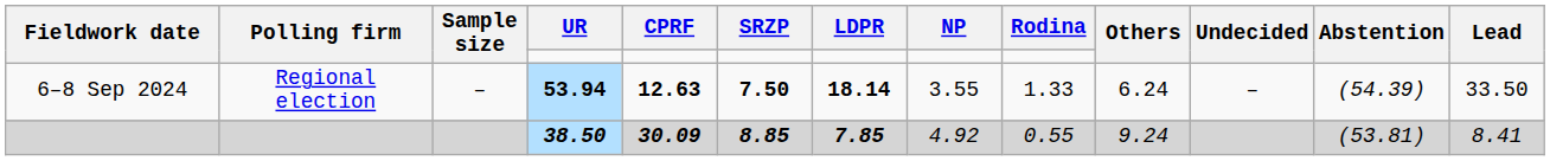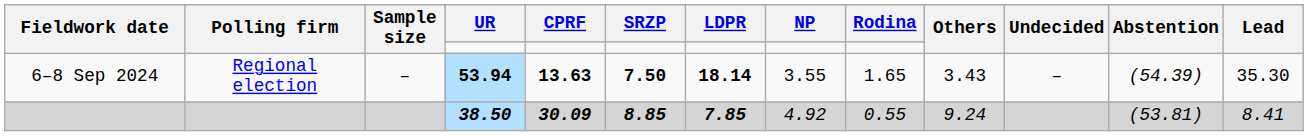 <table class=wikitable style="font-size:95%; line-height:14px; text-align:center">
 <tr>
 <th style=width:120px; rowspan=2>Fieldwork date</th>
 <th style=width:120px; rowspan=2>Polling firm</th>
 <th style=width:50px; rowspan=2>Sample<br>size</th>
 <th style="width:50px;"><a href='#'>UR</a></th>
 <th style="width:50px;"><a href='#'>CPRF</a></th>
 <th style="width:50px;"><a href='#'>SRZP</a></th>
 <th style="width:50px;"><a href='#'>LDPR</a></th>
 <th style="width:50px;"><a href='#'>NP</a></th>
 <th style="width:50px;"><a href='#'>Rodina</a></th>
 <th style="width:50px;" rowspan=2>Others</th>
 <th style="width:50px;" rowspan=2>Undecided</th>
 <th style="width:50px;" rowspan=2>Abstention</th>
 <th style="width:50px;" rowspan="2">Lead</th>
 </tr>
 <tr>
 <td bgcolor=></td>
 <td bgcolor=></td>
 <td bgcolor=></td>
 <td bgcolor=></td>
 <td bgcolor=></td>
 <td bgcolor=></td>
 </tr>
 <tr>
 <td>6–8 Sep 2024</td>
 <td><a href='#'>Regional election</a></td>
 <td>–</td>
 <td style="background:#B3E0FF"><strong>53.94</strong></td>
-<td><strong>12.63</strong></td>
+<td><strong>13.63</strong></td>
 <td><strong>7.50</strong></td>
 <td><strong>18.14</strong></td>
 <td>3.55</td>
-<td>1.33</td>
-<td>6.24</td>
+<td>1.65</td>
+<td>3.43</td>
 <td>–</td>
 <td><em>(54.39)</em></td>
-<td style="background:">33.50</td>
+<td style="background:">35.30</td>
 </tr>
 <tr style="background:#D5D5D5">
 <td></td>
 <td></td>
 <td></td>
 <td style="background:#B3E0FF"><strong><em>38.50</em></strong></td>
 <td><strong><em>30.09</em></strong></td>
 <td><strong><em>8.85</em></strong></td>
 <td><strong><em>7.85</em></strong></td>
 <td><em>4.92</em></td>
 <td><em>0.55</em></td>
 <td><em>9.24</em></td>
 <td></td>
 <td><em>(53.81)</em></td>
 <td style="background:"><em>8.41</em></td>
 </tr>
 </table>
